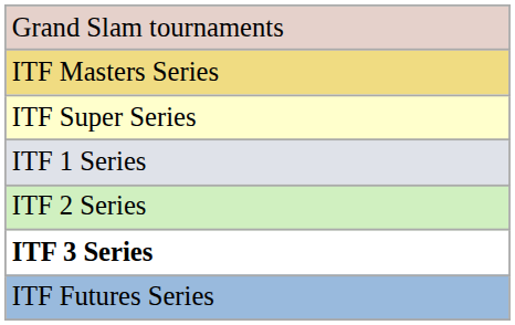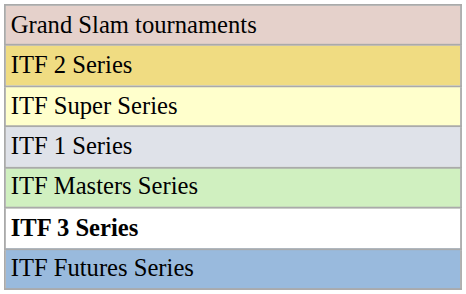 <table class=wikitable style=font-size:85%;width:20%>
 <tr bgcolor=#e5d1cb>
 <td>Grand Slam tournaments</td>
 </tr>
 <tr bgcolor=#F0DC82>
-<td>ITF Masters Series</td>
+<td>ITF 2 Series</td>
 </tr>
 <tr bgcolor=#ffffcc>
 <td>ITF Super Series</td>
 </tr>
 <tr bgcolor=#dfe2e9>
 <td>ITF 1 Series</td>
 </tr>
 <tr bgcolor=#d0f0c0>
-<td>ITF 2 Series</td>
+<td>ITF Masters Series</td>
 </tr>
 <tr bgcolor=#ffffff>
 <td><strong>ITF 3 Series</strong></td>
 </tr>
 <tr bgcolor=#99badd>
 <td>ITF Futures Series</td>
 </tr>
 </table>
